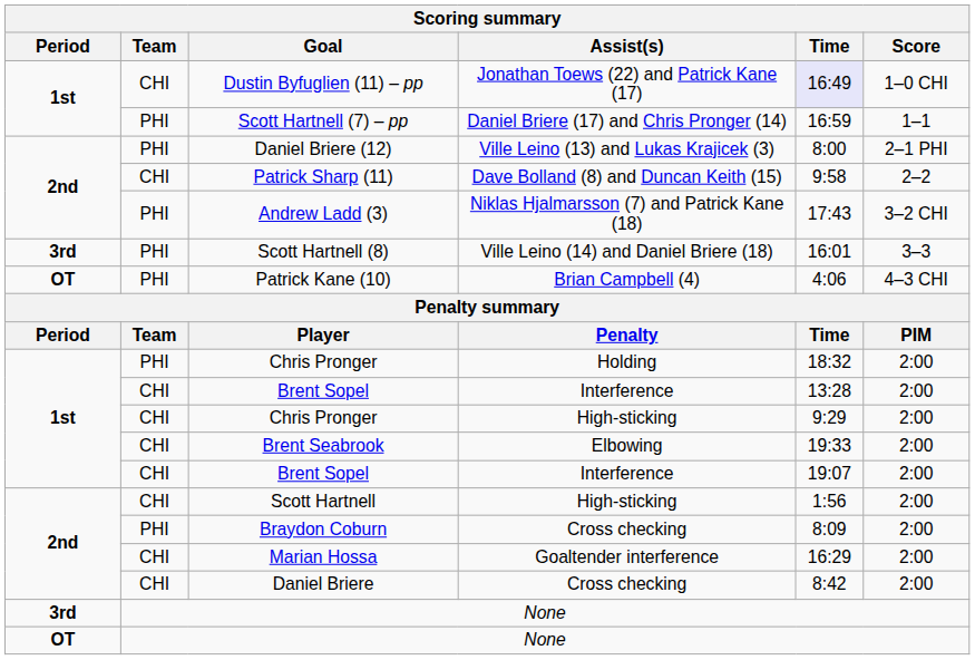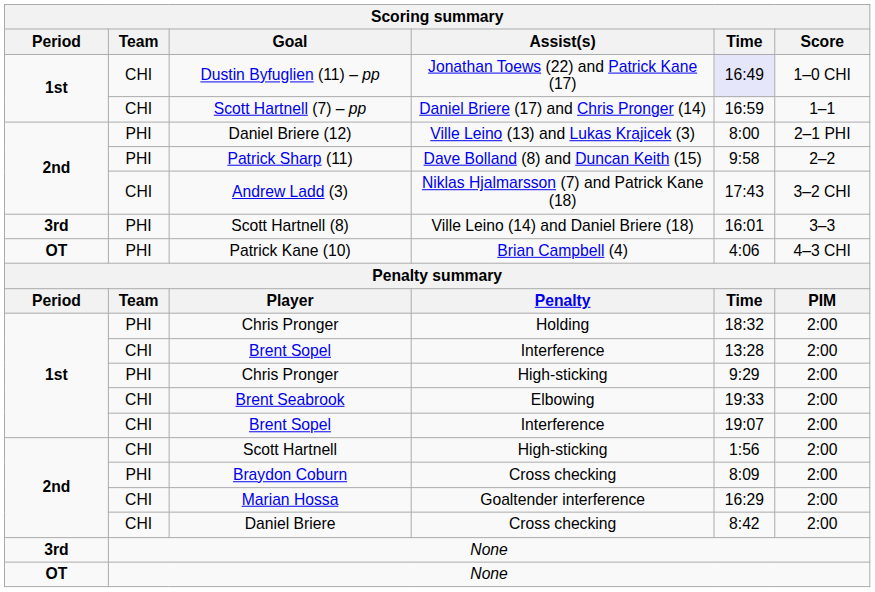 <table style="width:100%;" class="wikitable">
 <tr>
 <th colspan=6>Scoring summary</th>
 </tr>
 <tr>
 <th style="width:12%;">Period</th>
 <th style="width:7%;">Team</th>
 <th style="width:28%;">Goal</th>
 <th style="width:35%;">Assist(s)</th>
 <th style="width:7%;">Time</th>
 <th style="width:11%;">Score</th>
 </tr>
 <tr style="text-align:center;">
 <td rowspan="2"><strong>1st</strong></td>
 <td>CHI</td>
 <td><a href='#'>Dustin Byfuglien</a> (11) – <em>pp</em></td>
 <td><a href='#'>Jonathan Toews</a> (22) and <a href='#'>Patrick Kane</a> (17)</td>
 <td style="background: lavender;">16:49</td>
 <td>1–0 CHI</td>
 </tr>
 <tr style="text-align:center;">
-<td>PHI</td>
+<td>CHI</td>
 <td><a href='#'>Scott Hartnell</a> (7) – <em>pp</em></td>
 <td><a href='#'>Daniel Briere</a> (17) and <a href='#'>Chris Pronger</a> (14)</td>
 <td>16:59</td>
 <td>1–1</td>
 </tr>
 <tr style="text-align:center;">
 <td rowspan="3"><strong>2nd</strong></td>
 <td>PHI</td>
 <td>Daniel Briere (12)</td>
 <td><a href='#'>Ville Leino</a> (13) and <a href='#'>Lukas Krajicek</a> (3)</td>
 <td>8:00</td>
 <td>2–1 PHI</td>
 </tr>
 <tr style="text-align:center;">
-<td>CHI</td>
+<td>PHI</td>
 <td><a href='#'>Patrick Sharp</a> (11)</td>
 <td><a href='#'>Dave Bolland</a> (8) and <a href='#'>Duncan Keith</a> (15)</td>
 <td>9:58</td>
 <td>2–2</td>
 </tr>
 <tr style="text-align:center;">
-<td>PHI</td>
+<td>CHI</td>
 <td><a href='#'>Andrew Ladd</a> (3)</td>
 <td><a href='#'>Niklas Hjalmarsson</a> (7) and Patrick Kane (18)</td>
 <td>17:43</td>
 <td>3–2 CHI</td>
 </tr>
 <tr style="text-align:center;">
 <td rowspan="1"><strong>3rd</strong></td>
 <td>PHI</td>
 <td>Scott Hartnell (8)</td>
 <td>Ville Leino (14) and Daniel Briere (18)</td>
 <td>16:01</td>
 <td>3–3</td>
 </tr>
 <tr style="text-align:center;">
 <td rowspan="1"><strong>OT</strong></td>
 <td>PHI</td>
 <td>Patrick Kane (10)</td>
 <td><a href='#'>Brian Campbell</a> (4)</td>
 <td>4:06</td>
 <td>4–3 CHI</td>
 </tr>
 <tr style="text-align:center;">
 <th colspan=6>Penalty summary</th>
 </tr>
 <tr>
 <th style="width:12%;">Period</th>
 <th style="width:7%;">Team</th>
 <th style="width:28%;">Player</th>
 <th style="width:35%;"><a href='#'>Penalty</a></th>
 <th style="width:7%;">Time</th>
 <th style="width:11%;">PIM</th>
 </tr>
 <tr style="text-align:center;">
 <td rowspan="5"><strong>1st</strong></td>
 <td>PHI</td>
 <td>Chris Pronger</td>
 <td>Holding</td>
 <td>18:32</td>
 <td>2:00</td>
 </tr>
 <tr style="text-align:center;">
 <td>CHI</td>
 <td><a href='#'>Brent Sopel</a></td>
 <td>Interference</td>
 <td>13:28</td>
 <td>2:00</td>
 </tr>
 <tr style="text-align:center;">
-<td>CHI</td>
+<td>PHI</td>
 <td>Chris Pronger</td>
 <td>High-sticking</td>
 <td>9:29</td>
 <td>2:00</td>
 </tr>
 <tr style="text-align:center;">
 <td>CHI</td>
 <td><a href='#'>Brent Seabrook</a></td>
 <td>Elbowing</td>
 <td>19:33</td>
 <td>2:00</td>
 </tr>
 <tr style="text-align:center;">
 <td>CHI</td>
 <td><a href='#'>Brent Sopel</a></td>
 <td>Interference</td>
 <td>19:07</td>
 <td>2:00</td>
 </tr>
 <tr style="text-align:center;">
 <td rowspan="4"><strong>2nd</strong></td>
 <td>CHI</td>
 <td>Scott Hartnell</td>
 <td>High-sticking</td>
 <td>1:56</td>
 <td>2:00</td>
 </tr>
 <tr style="text-align:center;">
 <td>PHI</td>
 <td><a href='#'>Braydon Coburn</a></td>
 <td>Cross checking</td>
 <td>8:09</td>
 <td>2:00</td>
 </tr>
 <tr style="text-align:center;">
 <td>CHI</td>
 <td><a href='#'>Marian Hossa</a></td>
 <td>Goaltender interference</td>
 <td>16:29</td>
 <td>2:00</td>
 </tr>
 <tr style="text-align:center;">
 <td>CHI</td>
 <td>Daniel Briere</td>
 <td>Cross checking</td>
 <td>8:42</td>
 <td>2:00</td>
 </tr>
 <tr style="text-align:center;">
 <td><strong>3rd</strong></td>
 <td colspan="5"><em>None</em></td>
 </tr>
 <tr style="text-align:center;">
 <td><strong>OT</strong></td>
 <td colspan="5"><em>None</em></td>
 </tr>
 </table>
